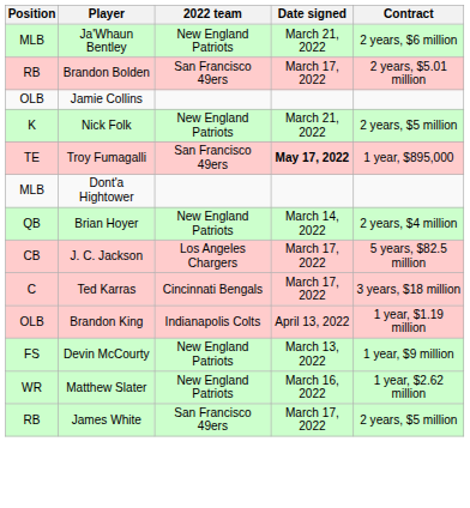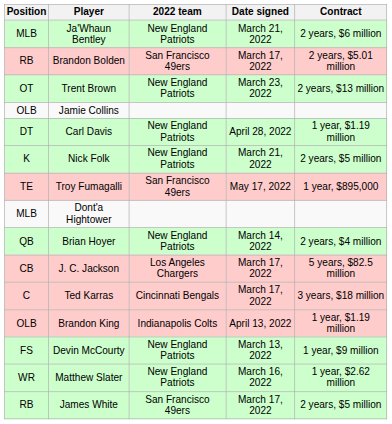 <table class="wikitable" style="text-align:center">
 <tr>
 <th>Position</th>
 <th>Player</th>
 <th>2022 team</th>
 <th>Date signed</th>
 <th>Contract</th>
 </tr>
 <tr style="background:#cfc;">
 <td Linebacker>MLB</td>
 <td>Ja'Whaun Bentley</td>
 <td>New England Patriots</td>
 <td>March 21, 2022</td>
 <td>2 years, $6 million</td>
 </tr>
 <tr style="background:#fcc;">
 <td Running back>RB</td>
 <td>Brandon Bolden</td>
 <td 2022 San Francisco 49ers season>San Francisco 49ers</td>
 <td>March 17, 2022</td>
 <td>2 years, $5.01 million</td>
 </tr>
+<tr style="background:#cfc;">
+<td Tackle (gridiron football position)>OT</td>
+<td>Trent Brown</td>
+<td>New England Patriots</td>
+<td>March 23, 2022</td>
+<td>2 years, $13 million</td>
+</tr>
 <tr>
 <td Linebacker>OLB</td>
 <td Jamie Collins (American football)>Jamie Collins</td>
 <td></td>
 <td></td>
 <td></td>
+</tr>
+<tr style="background:#cfc;">
+<td Defensive tackle>DT</td>
+<td Carl Davis (American football)>Carl Davis</td>
+<td>New England Patriots</td>
+<td>April 28, 2022</td>
+<td>1 year, $1.19 million</td>
 </tr>
 <tr style="background:#cfc;">
 <td Placekicker>K</td>
 <td>Nick Folk</td>
 <td>New England Patriots</td>
 <td>March 21, 2022</td>
 <td>2 years, $5 million</td>
 </tr>
 <tr style="background:#fcc;">
 <td Tight end>TE</td>
 <td>Troy Fumagalli</td>
 <td 2022 San Francisco 49ers season>San Francisco 49ers</td>
-<td><strong>May 17, 2022</strong></td>
+<td>May 17, 2022</td>
 <td>1 year, $895,000</td>
 </tr>
 <tr>
 <td>MLB</td>
 <td>Dont'a Hightower</td>
 <td></td>
 <td></td>
 <td></td>
 </tr>
 <tr style="background:#cfc;">
 <td Quarterback>QB</td>
 <td>Brian Hoyer</td>
 <td>New England Patriots</td>
 <td>March 14, 2022</td>
 <td>2 years, $4 million</td>
 </tr>
 <tr style="background:#fcc;">
 <td Cornerback>CB</td>
 <td>J. C. Jackson</td>
 <td 2022 Los Angeles Chargers season>Los Angeles Chargers</td>
 <td>March 17, 2022</td>
 <td>5 years, $82.5 million</td>
 </tr>
 <tr style="background:#fcc;">
 <td Center (gridiron football)>C</td>
 <td Ted Karras (offensive lineman)>Ted Karras</td>
 <td 2022 Cincinnati Bengals season>Cincinnati Bengals</td>
 <td>March 17, 2022</td>
 <td>3 years, $18 million</td>
 </tr>
 <tr style="background:#fcc;">
 <td>OLB</td>
 <td Brandon King (linebacker)>Brandon King</td>
 <td 2022 Indianapolis Colts season>Indianapolis Colts</td>
 <td>April 13, 2022</td>
 <td>1 year, $1.19 million</td>
 </tr>
 <tr style="background:#cfc;">
 <td Safety (gridiron football position)>FS</td>
 <td>Devin McCourty</td>
 <td>New England Patriots</td>
 <td>March 13, 2022</td>
 <td>1 year, $9 million</td>
 </tr>
 <tr style="background:#cfc;">
 <td Wide receiver>WR</td>
 <td>Matthew Slater</td>
 <td>New England Patriots</td>
 <td>March 16, 2022</td>
 <td>1 year, $2.62 million</td>
 </tr>
 <tr style="background:#cfc;">
 <td>RB</td>
 <td James White (running back)>James White</td>
 <td 2022 San Francisco 49ers season>San Francisco 49ers</td>
 <td>March 17, 2022</td>
 <td>2 years, $5 million</td>
 </tr>
 </table>
